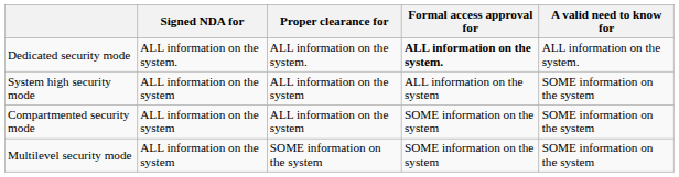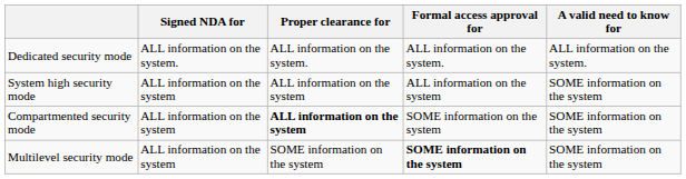 <table class="wikitable" border="1">
 <tr>
 <th></th>
 <th>Signed NDA for</th>
 <th>Proper clearance for</th>
 <th>Formal access approval for</th>
 <th>A valid need to know for</th>
 </tr>
 <tr>
 <td>Dedicated security mode</td>
 <td>ALL information on the system.</td>
 <td>ALL information on the system.</td>
-<td><strong>ALL information on the system.</strong></td>
+<td>ALL information on the system.</td>
 <td>ALL information on the system.</td>
 </tr>
 <tr>
 <td>System high security mode</td>
 <td>ALL information on the system</td>
 <td>ALL information on the system</td>
 <td>ALL information on the system</td>
 <td>SOME information on the system</td>
 </tr>
 <tr>
 <td>Compartmented security mode</td>
 <td>ALL information on the system</td>
-<td>ALL information on the system</td>
+<td><strong>ALL information on the system</strong></td>
 <td>SOME information on the system</td>
 <td>SOME information on the system</td>
 </tr>
 <tr>
 <td>Multilevel security mode</td>
 <td>ALL information on the system</td>
 <td>SOME information on the system</td>
-<td>SOME information on the system</td>
+<td><strong>SOME information on the system</strong></td>
 <td>SOME information on the system</td>
 </tr>
 </table>
